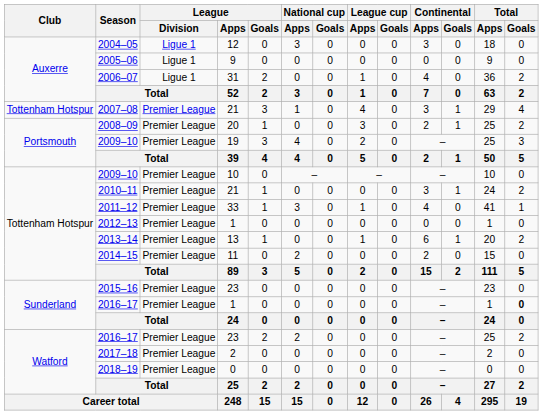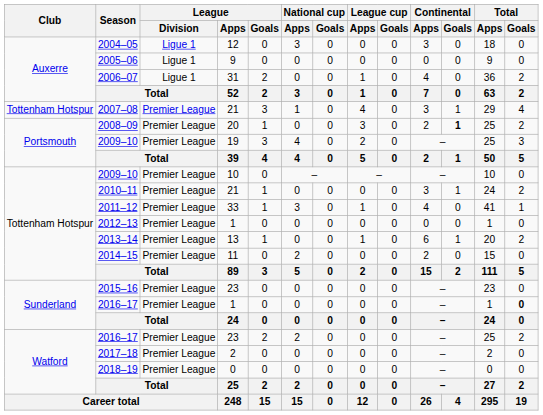 <table class="wikitable" style="text-align: center;">
 <tr>
 <th rowspan="2">Club</th>
 <th rowspan="2">Season</th>
 <th colspan="3">League</th>
 <th colspan="2">National cup</th>
 <th colspan="2">League cup</th>
 <th colspan="2">Continental</th>
 <th colspan="2">Total</th>
 </tr>
 <tr>
 <th>Division</th>
 <th>Apps</th>
 <th>Goals</th>
 <th>Apps</th>
 <th>Goals</th>
 <th>Apps</th>
 <th>Goals</th>
 <th>Apps</th>
 <th>Goals</th>
 <th>Apps</th>
 <th>Goals</th>
 </tr>
 <tr>
 <td rowspan="4"><a href='#'>Auxerre</a></td>
 <td><a href='#'>2004–05</a></td>
 <td><a href='#'>Ligue 1</a></td>
 <td>12</td>
 <td>0</td>
 <td>3</td>
 <td>0</td>
 <td>0</td>
 <td>0</td>
 <td>3</td>
 <td>0</td>
 <td>18</td>
 <td>0</td>
 </tr>
 <tr>
 <td><a href='#'>2005–06</a></td>
 <td>Ligue 1</td>
 <td>9</td>
 <td>0</td>
 <td>0</td>
 <td>0</td>
 <td>0</td>
 <td>0</td>
 <td>0</td>
 <td>0</td>
 <td>9</td>
 <td>0</td>
 </tr>
 <tr>
 <td><a href='#'>2006–07</a></td>
 <td>Ligue 1</td>
 <td>31</td>
 <td>2</td>
 <td>0</td>
 <td>0</td>
 <td>1</td>
 <td>0</td>
 <td>4</td>
 <td>0</td>
 <td>36</td>
 <td>2</td>
 </tr>
 <tr>
 <th colspan="2">Total</th>
 <th>52</th>
 <th>2</th>
 <th>3</th>
 <th>0</th>
 <th>1</th>
 <th>0</th>
 <th>7</th>
 <th>0</th>
 <th>63</th>
 <th>2</th>
 </tr>
 <tr>
 <td><a href='#'>Tottenham Hotspur</a></td>
 <td><a href='#'>2007–08</a></td>
 <td><a href='#'>Premier League</a></td>
 <td>21</td>
 <td>3</td>
 <td>1</td>
 <td>0</td>
 <td>4</td>
 <td>0</td>
 <td>3</td>
 <td>1</td>
 <td>29</td>
 <td>4</td>
 </tr>
 <tr>
 <td rowspan="3"><a href='#'>Portsmouth</a></td>
 <td><a href='#'>2008–09</a></td>
 <td>Premier League</td>
 <td>20</td>
 <td>1</td>
 <td>0</td>
 <td>0</td>
 <td>3</td>
 <td>0</td>
 <td>2</td>
-<td>1</td>
+<td><strong>1</strong></td>
 <td>25</td>
 <td>2</td>
 </tr>
 <tr>
 <td><a href='#'>2009–10</a></td>
 <td>Premier League</td>
 <td>19</td>
 <td>3</td>
 <td>4</td>
 <td>0</td>
 <td>2</td>
 <td>0</td>
 <td colspan="2">–</td>
 <td>25</td>
 <td>3</td>
 </tr>
 <tr>
 <th colspan="2">Total</th>
 <th>39</th>
 <th>4</th>
 <th>4</th>
 <th>0</th>
 <th>5</th>
 <th>0</th>
 <th>2</th>
 <th>1</th>
 <th>50</th>
 <th>5</th>
 </tr>
 <tr>
 <td rowspan="7">Tottenham Hotspur</td>
 <td><a href='#'>2009–10</a></td>
 <td>Premier League</td>
 <td>10</td>
 <td>0</td>
 <td colspan="2">–</td>
 <td colspan="2">–</td>
 <td colspan="2">–</td>
 <td>10</td>
 <td>0</td>
 </tr>
 <tr>
 <td><a href='#'>2010–11</a></td>
 <td>Premier League</td>
 <td>21</td>
 <td>1</td>
 <td>0</td>
 <td>0</td>
 <td>0</td>
 <td>0</td>
 <td>3</td>
 <td>1</td>
 <td>24</td>
 <td>2</td>
 </tr>
 <tr>
 <td><a href='#'>2011–12</a></td>
 <td>Premier League</td>
 <td>33</td>
 <td>1</td>
 <td>3</td>
 <td>0</td>
 <td>1</td>
 <td>0</td>
 <td>4</td>
 <td>0</td>
 <td>41</td>
 <td>1</td>
 </tr>
 <tr>
 <td><a href='#'>2012–13</a></td>
 <td>Premier League</td>
 <td>1</td>
 <td>0</td>
 <td>0</td>
 <td>0</td>
 <td>0</td>
 <td>0</td>
 <td>0</td>
 <td>0</td>
 <td>1</td>
 <td>0</td>
 </tr>
 <tr>
 <td><a href='#'>2013–14</a></td>
 <td>Premier League</td>
 <td>13</td>
 <td>1</td>
 <td>0</td>
 <td>0</td>
 <td>1</td>
 <td>0</td>
 <td>6</td>
 <td>1</td>
 <td>20</td>
 <td>2</td>
 </tr>
 <tr>
 <td><a href='#'>2014–15</a></td>
 <td>Premier League</td>
 <td>11</td>
 <td>0</td>
 <td>2</td>
 <td>0</td>
 <td>0</td>
 <td>0</td>
 <td>2</td>
 <td>0</td>
 <td>15</td>
 <td>0</td>
 </tr>
 <tr>
 <th colspan="2">Total</th>
 <th>89</th>
 <th>3</th>
 <th>5</th>
 <th>0</th>
 <th>2</th>
 <th>0</th>
 <th>15</th>
 <th>2</th>
 <th>111</th>
 <th>5</th>
 </tr>
 <tr>
 <td rowspan="3"><a href='#'>Sunderland</a></td>
 <td><a href='#'>2015–16</a></td>
 <td>Premier League</td>
 <td>23</td>
 <td>0</td>
 <td>0</td>
 <td>0</td>
 <td>0</td>
 <td>0</td>
 <td colspan="2">–</td>
 <td>23</td>
 <td>0</td>
 </tr>
 <tr>
 <td><a href='#'>2016–17</a></td>
 <td>Premier League</td>
 <td>1</td>
 <td>0</td>
 <td>0</td>
 <td>0</td>
 <td>0</td>
 <td>0</td>
 <td colspan="2">–</td>
 <td>1</td>
 <td><strong>0</strong></td>
 </tr>
 <tr>
 <th colspan="2">Total</th>
 <th>24</th>
 <th>0</th>
 <th>0</th>
 <th>0</th>
 <th>0</th>
 <th>0</th>
 <th colspan="2">–</th>
 <th>24</th>
 <th>0</th>
 </tr>
 <tr>
 <td rowspan="4"><a href='#'>Watford</a></td>
 <td><a href='#'>2016–17</a></td>
 <td>Premier League</td>
 <td>23</td>
 <td>2</td>
 <td>2</td>
 <td>0</td>
 <td>0</td>
 <td>0</td>
 <td colspan="2">–</td>
 <td>25</td>
 <td>2</td>
 </tr>
 <tr>
 <td><a href='#'>2017–18</a></td>
 <td>Premier League</td>
 <td>2</td>
 <td>0</td>
 <td>0</td>
 <td>0</td>
 <td>0</td>
 <td>0</td>
 <td colspan="2">–</td>
 <td>2</td>
 <td>0</td>
 </tr>
 <tr>
 <td><a href='#'>2018–19</a></td>
 <td>Premier League</td>
 <td>0</td>
 <td>0</td>
 <td>0</td>
 <td>0</td>
 <td>0</td>
 <td>0</td>
 <td colspan="2">–</td>
 <td>0</td>
 <td>0</td>
 </tr>
 <tr>
 <th colspan="2">Total</th>
 <th>25</th>
 <th>2</th>
 <th>2</th>
 <th>0</th>
 <th>0</th>
 <th>0</th>
 <th colspan="2">–</th>
 <th>27</th>
 <th>2</th>
 </tr>
 <tr>
 <th colspan="3">Career total</th>
 <th>248</th>
 <th>15</th>
 <th>15</th>
 <th>0</th>
 <th>12</th>
 <th>0</th>
 <th>26</th>
 <th>4</th>
 <th>295</th>
 <th>19</th>
 </tr>
 </table>
